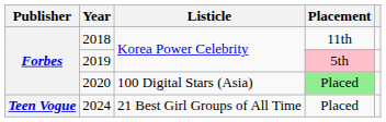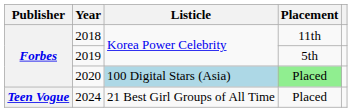 <table class="wikitable sortable plainrowheaders" style="text-align:center">
 <tr>
 <th scope="col">Publisher</th>
 <th scope="col">Year</th>
 <th scope="col">Listicle</th>
 <th scope="col">Placement</th>
 <th scope="col" class="unsortable"></th>
 </tr>
 <tr>
 <th scope="row" rowspan="3"><em><a href='#'>Forbes</a></em></th>
 <td>2018</td>
 <td rowspan="2" style="text-align:left"><a href='#'>Korea Power Celebrity</a></td>
 <td>11th</td>
 <td></td>
 </tr>
 <tr>
 <td>2019</td>
-<td style="background: pink;">5th</td>
+<td>5th</td>
 <td></td>
 </tr>
 <tr>
 <td>2020</td>
-<td style="text-align:left">100 Digital Stars (Asia)</td>
+<td style="background: lightblue; text-align:left">100 Digital Stars (Asia)</td>
 <td style="background: lightgreen;">Placed</td>
 <td></td>
 </tr>
 <tr>
 <th scope="row"><em><a href='#'>Teen Vogue</a></em></th>
 <td>2024</td>
 <td style="text-align:left">21 Best Girl Groups of All Time</td>
 <td>Placed</td>
 <td></td>
 </tr>
 </table>
